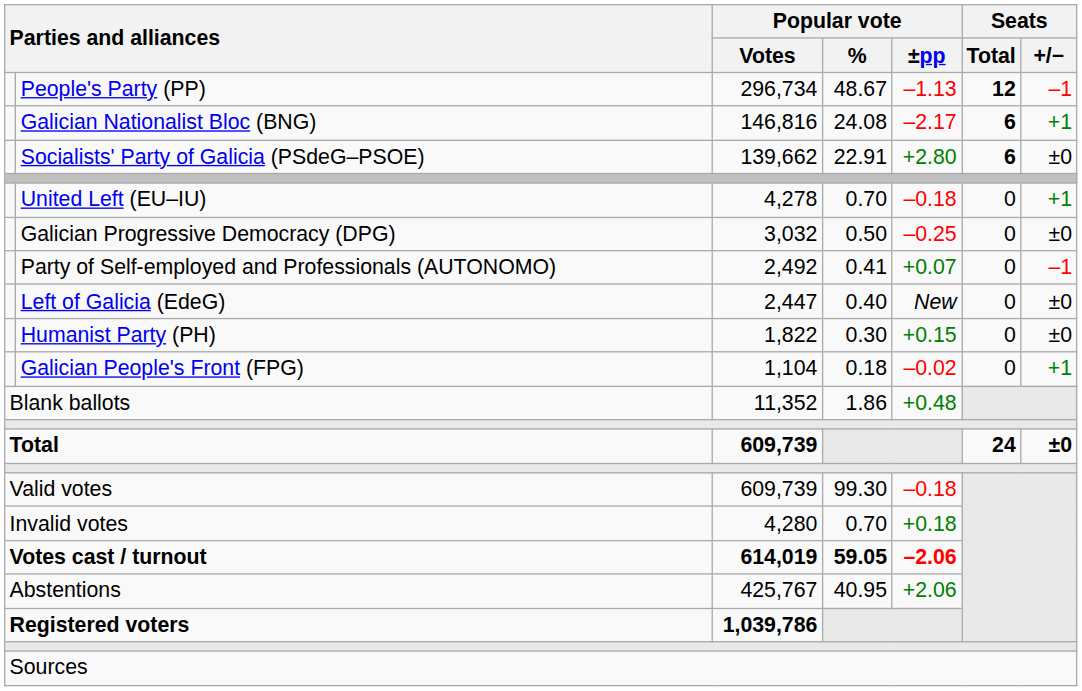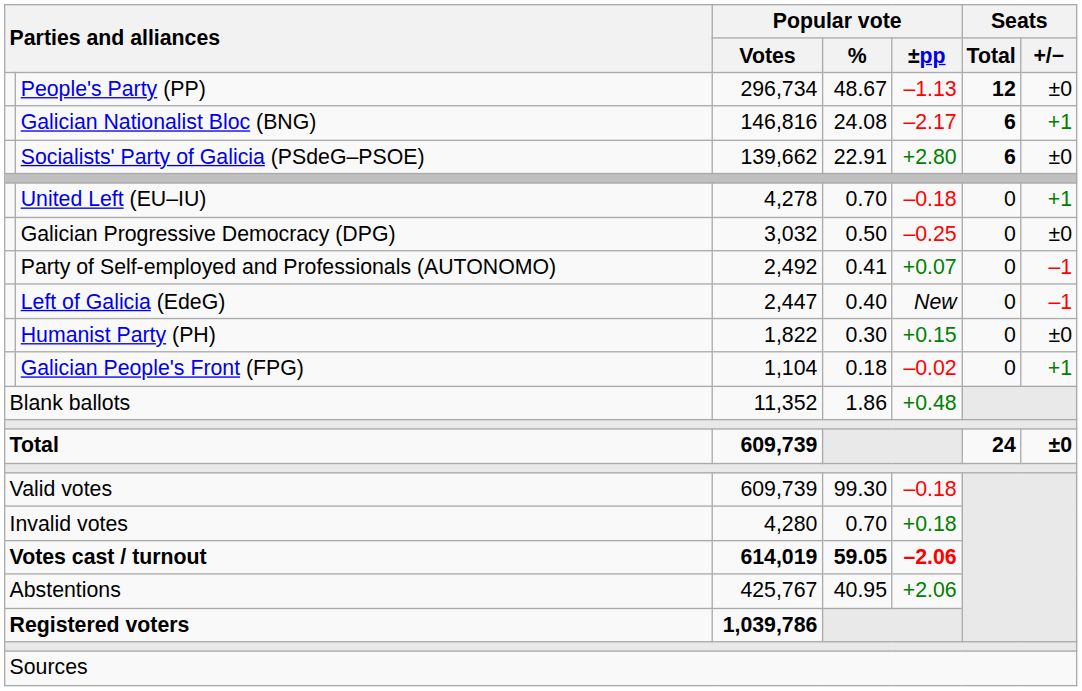 <table class="wikitable" style="text-align:right;">
 <tr>
 <th style="text-align:left;" rowspan="2" colspan="2" width="525">Parties and alliances</th>
 <th colspan="3">Popular vote</th>
 <th colspan="2">Seats</th>
 </tr>
 <tr>
 <th width="75">Votes</th>
 <th width="45">%</th>
 <th width="45">±<a href='#'>pp</a></th>
 <th width="35">Total</th>
 <th width="35">+/−</th>
 </tr>
 <tr>
 <td width="1" style="color:inherit;background:"></td>
 <td align="left"><a href='#'>People's Party</a> (PP)</td>
 <td>296,734</td>
 <td>48.67</td>
 <td style="color:red;">–1.13</td>
 <td><strong>12</strong></td>
-<td style="color:red;">–1</td>
+<td>±0</td>
 </tr>
 <tr>
 <td style="color:inherit;background:"></td>
 <td align="left"><a href='#'>Galician Nationalist Bloc</a> (BNG)</td>
 <td>146,816</td>
 <td>24.08</td>
 <td style="color:red;">–2.17</td>
 <td><strong>6</strong></td>
 <td style="color:green;">+1</td>
 </tr>
 <tr>
 <td style="color:inherit;background:"></td>
 <td align="left"><a href='#'>Socialists' Party of Galicia</a> (PSdeG–PSOE)</td>
 <td>139,662</td>
 <td>22.91</td>
 <td style="color:green;">+2.80</td>
 <td><strong>6</strong></td>
 <td>±0</td>
 </tr>
 <tr>
 <td colspan="7" bgcolor="#C0C0C0"></td>
 </tr>
 <tr>
 <td style="color:inherit;background:"></td>
 <td align="left"><a href='#'>United Left</a> (EU–IU)</td>
 <td>4,278</td>
 <td>0.70</td>
 <td style="color:red;">–0.18</td>
 <td>0</td>
 <td style="color:green;">+1</td>
 </tr>
 <tr>
 <td style="color:inherit;background:"></td>
 <td align="left">Galician Progressive Democracy (DPG)</td>
 <td>3,032</td>
 <td>0.50</td>
 <td style="color:red;">–0.25</td>
 <td>0</td>
 <td>±0</td>
 </tr>
 <tr>
 <td style="color:inherit;background:"></td>
 <td align="left">Party of Self-employed and Professionals (AUTONOMO)</td>
 <td>2,492</td>
 <td>0.41</td>
 <td style="color:green;">+0.07</td>
 <td>0</td>
 <td style="color:red;">–1</td>
 </tr>
 <tr>
 <td style="color:inherit;background:"></td>
 <td align="left"><a href='#'>Left of Galicia</a> (EdeG)</td>
 <td>2,447</td>
 <td>0.40</td>
 <td><em>New</em></td>
 <td>0</td>
-<td>±0</td>
+<td style="color:red;">–1</td>
 </tr>
 <tr>
 <td style="color:inherit;background:"></td>
 <td align="left"><a href='#'>Humanist Party</a> (PH)</td>
 <td>1,822</td>
 <td>0.30</td>
 <td style="color:green;">+0.15</td>
 <td>0</td>
 <td>±0</td>
 </tr>
 <tr>
 <td style="color:inherit;background:"></td>
 <td align="left"><a href='#'>Galician People's Front</a> (FPG)</td>
 <td>1,104</td>
 <td>0.18</td>
 <td style="color:red;">–0.02</td>
 <td>0</td>
 <td style="color:green;">+1</td>
 </tr>
 <tr>
 <td align="left" colspan="2">Blank ballots</td>
 <td>11,352</td>
 <td>1.86</td>
 <td style="color:green;">+0.48</td>
 <td bgcolor="#E9E9E9" colspan="2"></td>
 </tr>
 <tr>
 <td colspan="7" bgcolor="#E9E9E9"></td>
 </tr>
 <tr style="font-weight:bold;">
 <td align="left" colspan="2">Total</td>
 <td>609,739</td>
 <td bgcolor="#E9E9E9" colspan="2"></td>
 <td>24</td>
 <td>±0</td>
 </tr>
 <tr>
 <td colspan="7" bgcolor="#E9E9E9"></td>
 </tr>
 <tr>
 <td align="left" colspan="2">Valid votes</td>
 <td>609,739</td>
 <td>99.30</td>
 <td style="color:red;">–0.18</td>
 <td bgcolor="#E9E9E9" colspan="7" rowspan="5"></td>
 </tr>
 <tr>
 <td align="left" colspan="2">Invalid votes</td>
 <td>4,280</td>
 <td>0.70</td>
 <td style="color:green;">+0.18</td>
 </tr>
 <tr style="font-weight:bold;">
 <td align="left" colspan="2">Votes cast / turnout</td>
 <td>614,019</td>
 <td>59.05</td>
 <td style="color:red;">–2.06</td>
 </tr>
 <tr>
 <td align="left" colspan="2">Abstentions</td>
 <td>425,767</td>
 <td>40.95</td>
 <td style="color:green;">+2.06</td>
 </tr>
 <tr style="font-weight:bold;">
 <td align="left" colspan="2">Registered voters</td>
 <td>1,039,786</td>
 <td bgcolor="#E9E9E9" colspan="2"></td>
 </tr>
 <tr>
 <td colspan="7" bgcolor="#E9E9E9"></td>
 </tr>
 <tr>
 <td align="left" colspan="7">Sources</td>
 </tr>
 </table>
